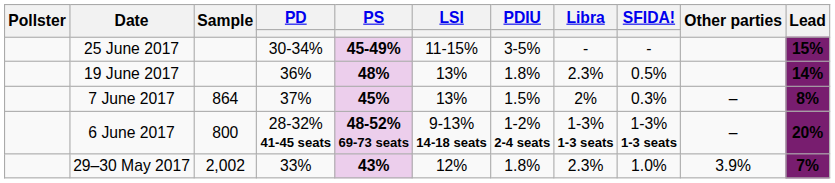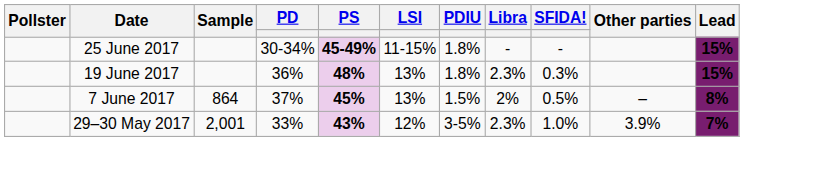 <table class=wikitable style=text-align:center;font-size:90%;>
 <tr>
 <th rowspan="2">Pollster</th>
 <th rowspan="2">Date</th>
 <th rowspan="2">Sample</th>
 <th><a href='#'>PD</a></th>
 <th><a href='#'>PS</a></th>
 <th><a href='#'>LSI</a></th>
 <th><a href='#'>PDIU</a></th>
 <th><a href='#'>Libra</a></th>
 <th><a href='#'>SFIDA!</a></th>
 <th rowspan="2">Other parties</th>
 <th rowspan="2">Lead</th>
 </tr>
 <tr>
 <th style="background:"></th>
 <th style="background:"></th>
 <th style="background:"></th>
 <th style="background:"></th>
 <th style="background:"></th>
 <th style="background:"></th>
 </tr>
 <tr>
 <td></td>
 <td>25 June 2017</td>
 <td></td>
 <td>30-34%</td>
 <td bgcolor="#ECCEEC"><strong>45-49%</strong></td>
 <td>11-15%</td>
-<td>3-5%</td>
+<td>1.8%</td>
 <td>-</td>
 <td>-</td>
 <td></td>
 <td bgcolor="#781D6F"><span><strong>15%</strong> </span></td>
 </tr>
 <tr>
 <td></td>
 <td>19 June 2017</td>
 <td></td>
 <td>36%</td>
 <td bgcolor="#ECCEEC"><strong>48%</strong></td>
 <td>13%</td>
 <td>1.8%</td>
 <td>2.3%</td>
-<td>0.5%</td>
+<td>0.3%</td>
 <td></td>
-<td bgcolor="#781D6F"><span><strong>14%</strong> </span></td>
+<td bgcolor="#781D6F"><span><strong>15%</strong> </span></td>
 </tr>
 <tr>
 <td></td>
 <td>7 June 2017</td>
 <td>864</td>
 <td>37%</td>
 <td bgcolor="#ECCEEC"><strong>45%</strong></td>
 <td>13%</td>
 <td>1.5%</td>
 <td>2%</td>
-<td>0.3%</td>
+<td>0.5%</td>
 <td>–</td>
 <td bgcolor="#781D6F"><span><strong>8%</strong> </span></td>
 </tr>
 <tr>
 <td></td>
-<td>6 June 2017</td>
-<td>800</td>
-<td>28-32%<br><small><strong>41-45 seats</strong></small></td>
-<td bgcolor="#ECCEEC"><strong>48-52%</strong><br><strong><small>69-73 seats</small></strong></td>
-<td>9-13%<br><small><strong>14-18 seats</strong></small></td>
-<td>1-2%<br><small><strong>2-4 seats</strong></small></td>
-<td>1-3%<br><small><strong>1-3 seats</strong></small></td>
-<td>1-3%<br><small><strong>1-3 seats</strong></small></td>
-<td>–</td>
-<td bgcolor="#781D6F"><span><strong>20%</strong> </span></td>
-</tr>
-<tr>
-<td></td>
 <td>29–30 May 2017</td>
-<td>2,002</td>
+<td>2,001</td>
 <td>33%</td>
 <td bgcolor="#ECCEEC"><strong>43%</strong></td>
 <td>12%</td>
-<td>1.8%</td>
+<td>3-5%</td>
 <td>2.3%</td>
 <td>1.0%</td>
 <td>3.9%</td>
 <td bgcolor="#781D6F"><span><strong>7%</strong> </span></td>
 </tr>
 </table>
